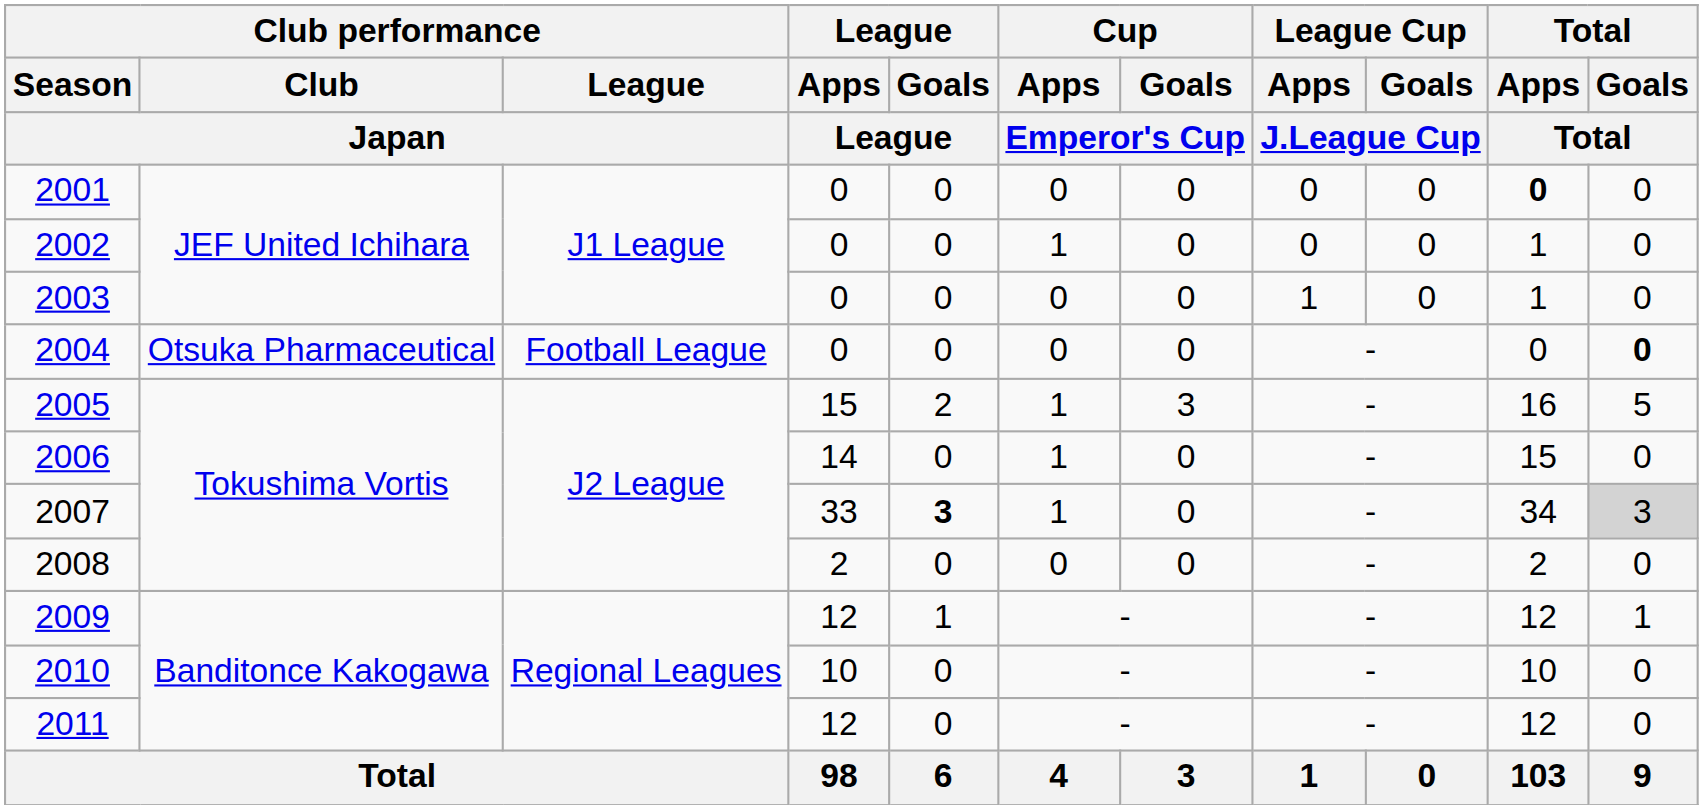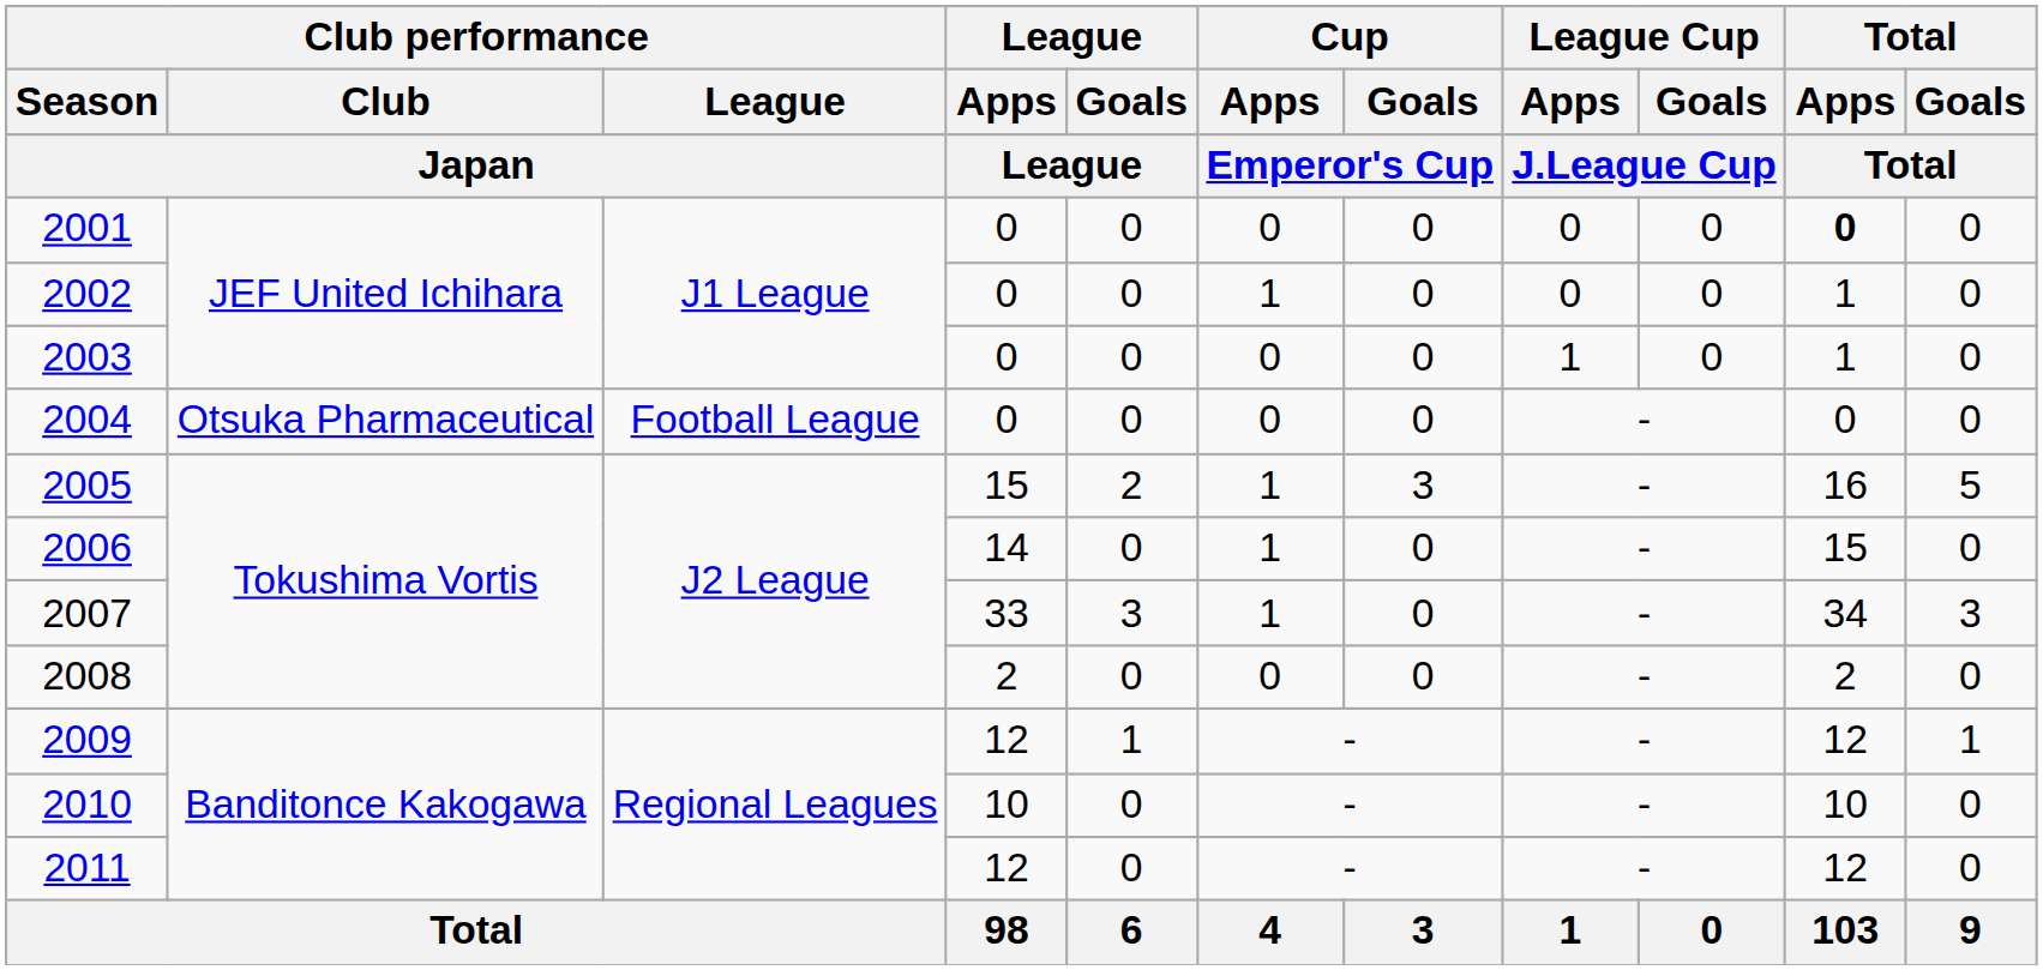 <table class="wikitable" style="text-align:center;">
 <tr>
 <th colspan=3>Club performance</th>
 <th colspan=2>League</th>
 <th colspan=2>Cup</th>
 <th colspan=2>League Cup</th>
 <th colspan=2>Total</th>
 </tr>
 <tr>
 <th>Season</th>
 <th>Club</th>
 <th>League</th>
 <th>Apps</th>
 <th>Goals</th>
 <th>Apps</th>
 <th>Goals</th>
 <th>Apps</th>
 <th>Goals</th>
 <th>Apps</th>
 <th>Goals</th>
 </tr>
 <tr>
 <th colspan=3>Japan</th>
 <th colspan=2>League</th>
 <th colspan=2><a href='#'>Emperor's Cup</a></th>
 <th colspan=2><a href='#'>J.League Cup</a></th>
 <th colspan=2>Total</th>
 </tr>
 <tr>
 <td><a href='#'>2001</a></td>
 <td rowspan="3"><a href='#'>JEF United Ichihara</a></td>
 <td rowspan="3"><a href='#'>J1 League</a></td>
 <td>0</td>
 <td>0</td>
 <td>0</td>
 <td>0</td>
 <td>0</td>
 <td>0</td>
 <td><strong>0</strong></td>
 <td>0</td>
 </tr>
 <tr>
 <td><a href='#'>2002</a></td>
 <td>0</td>
 <td>0</td>
 <td>1</td>
 <td>0</td>
 <td>0</td>
 <td>0</td>
 <td>1</td>
 <td>0</td>
 </tr>
 <tr>
 <td><a href='#'>2003</a></td>
 <td>0</td>
 <td>0</td>
 <td>0</td>
 <td>0</td>
 <td>1</td>
 <td>0</td>
 <td>1</td>
 <td>0</td>
 </tr>
 <tr>
 <td><a href='#'>2004</a></td>
 <td><a href='#'>Otsuka Pharmaceutical</a></td>
 <td><a href='#'>Football League</a></td>
 <td>0</td>
 <td>0</td>
 <td>0</td>
 <td>0</td>
 <td colspan="2">-</td>
 <td>0</td>
-<td><strong>0</strong></td>
+<td>0</td>
 </tr>
 <tr>
 <td><a href='#'>2005</a></td>
 <td rowspan="4"><a href='#'>Tokushima Vortis</a></td>
 <td rowspan="4"><a href='#'>J2 League</a></td>
 <td>15</td>
 <td>2</td>
 <td>1</td>
 <td>3</td>
 <td colspan="2">-</td>
 <td>16</td>
 <td>5</td>
 </tr>
 <tr>
 <td><a href='#'>2006</a></td>
 <td>14</td>
 <td>0</td>
 <td>1</td>
 <td>0</td>
 <td colspan="2">-</td>
 <td>15</td>
 <td>0</td>
 </tr>
 <tr>
 <td>2007</td>
 <td>33</td>
-<td><strong>3</strong></td>
+<td>3</td>
 <td>1</td>
 <td>0</td>
 <td colspan="2">-</td>
 <td>34</td>
-<td style="background: lightgrey;">3</td>
+<td>3</td>
 </tr>
 <tr>
 <td>2008</td>
 <td>2</td>
 <td>0</td>
 <td>0</td>
 <td>0</td>
 <td colspan="2">-</td>
 <td>2</td>
 <td>0</td>
 </tr>
 <tr>
 <td><a href='#'>2009</a></td>
 <td rowspan="3"><a href='#'>Banditonce Kakogawa</a></td>
 <td rowspan="3"><a href='#'>Regional Leagues</a></td>
 <td>12</td>
 <td>1</td>
 <td colspan="2">-</td>
 <td colspan="2">-</td>
 <td>12</td>
 <td>1</td>
 </tr>
 <tr>
 <td><a href='#'>2010</a></td>
 <td>10</td>
 <td>0</td>
 <td colspan="2">-</td>
 <td colspan="2">-</td>
 <td>10</td>
 <td>0</td>
 </tr>
 <tr>
 <td><a href='#'>2011</a></td>
 <td>12</td>
 <td>0</td>
 <td colspan="2">-</td>
 <td colspan="2">-</td>
 <td>12</td>
 <td>0</td>
 </tr>
 <tr>
 <th colspan=3>Total</th>
 <th>98</th>
 <th>6</th>
 <th>4</th>
 <th>3</th>
 <th>1</th>
 <th>0</th>
 <th>103</th>
 <th>9</th>
 </tr>
 </table>
